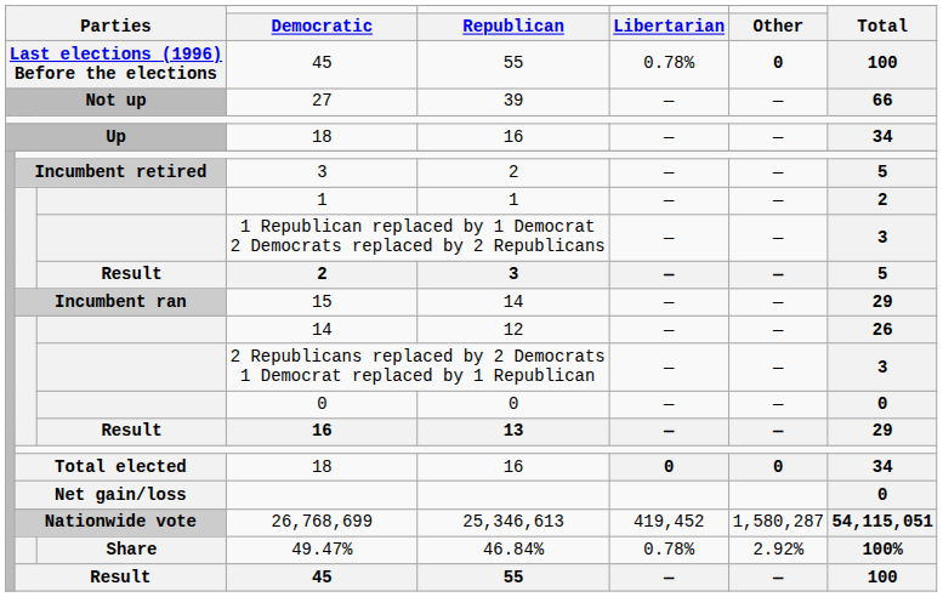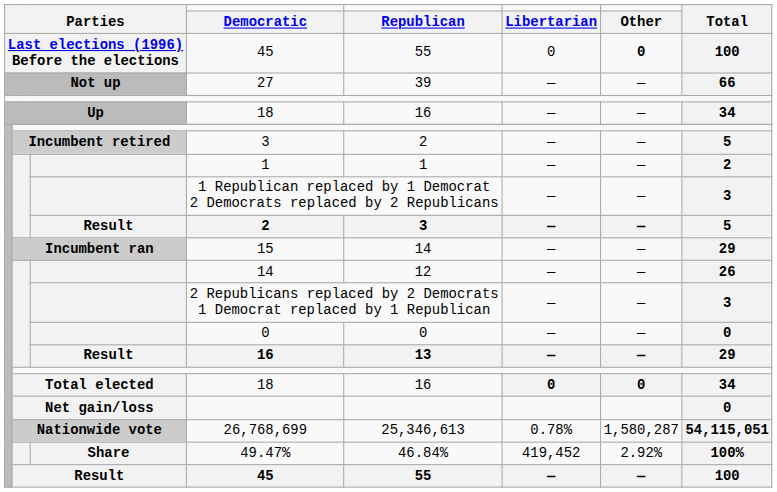 <table class=wikitable style=text-align:center>
 <tr valign=bottom>
 <th rowspan=2 colspan=3>Parties</th>
 <td style="background-color:"></td>
 <td style="background-color:"></td>
 <td style="background-color:"></td>
 <td style="background-color:"></td>
 <th rowspan=2>Total</th>
 </tr>
 <tr valign=bottom>
 <th><a href='#'>Democratic</a></th>
 <th><a href='#'>Republican</a></th>
 <th><a href='#'>Libertarian</a></th>
 <th>Other</th>
 </tr>
 <tr>
 <th colspan=3><a href='#'>Last elections (1996)</a><br>Before the elections</th>
 <td>45</td>
 <td>55</td>
-<td>0.78%</td>
+<td>0</td>
 <td><strong>0</strong></td>
 <th>100</th>
 </tr>
 <tr>
 <th colspan=3 style="background:#bbb">Not up</th>
 <td>27</td>
 <td>39</td>
 <td>—</td>
 <td>—</td>
 <th>66</th>
 </tr>
 <tr>
 <td colspan=100></td>
 </tr>
 <tr>
 <th colspan=3 style="background:#bbb">Up<br></th>
 <td>18</td>
 <td>16</td>
 <td>—</td>
 <td>—</td>
 <th>34</th>
 </tr>
 <tr>
 <th rowspan=18 style="background:#bbb"></th>
 </tr>
 <tr>
 <td colspan=100></td>
 </tr>
 <tr>
 <th colspan=2 style="background:#ccc">Incumbent retired</th>
 <td>3</td>
 <td>2</td>
 <td>—</td>
 <td>—</td>
 <th>5</th>
 </tr>
 <tr>
 <th rowspan=3></th>
 <th></th>
 <td>1</td>
 <td>1</td>
 <td>—</td>
 <td>—</td>
 <th>2</th>
 </tr>
 <tr>
 <th></th>
 <td colspan=2 >1 Republican replaced by 1 Democrat<br>2 Democrats replaced by 2 Republicans</td>
 <td>—</td>
 <td>—</td>
 <th>3</th>
 </tr>
 <tr>
 <th>Result</th>
 <th>2</th>
 <th>3</th>
 <th>—</th>
 <th>—</th>
 <th>5</th>
 </tr>
 <tr>
 <th colspan=2 style="background:#ccc">Incumbent ran</th>
 <td>15</td>
 <td>14</td>
 <td>—</td>
 <td>—</td>
 <th>29</th>
 </tr>
 <tr>
 <th rowspan=4></th>
 <th></th>
 <td>14</td>
 <td>12</td>
 <td>—</td>
 <td>—</td>
 <th>26</th>
 </tr>
 <tr>
 <th></th>
 <td colspan=2 >2 Republicans replaced by 2 Democrats<br>1 Democrat replaced by 1 Republican</td>
 <td>—</td>
 <td>—</td>
 <th>3</th>
 </tr>
 <tr>
 <th></th>
 <td>0</td>
 <td>0</td>
 <td>—</td>
 <td>—</td>
 <th>0</th>
 </tr>
 <tr>
 <th>Result</th>
 <th>16</th>
 <th>13</th>
 <th>—</th>
 <th>—</th>
 <th>29</th>
 </tr>
 <tr>
 <td colspan=100></td>
 </tr>
 <tr>
 <th colspan=2>Total elected</th>
 <td>18</td>
 <td>16</td>
 <th>0</th>
 <th>0</th>
 <th>34</th>
 </tr>
 <tr>
 <th colspan=2>Net gain/loss</th>
 <td></td>
 <td></td>
 <td></td>
 <td></td>
 <th>0</th>
 </tr>
 <tr>
 <th colspan=2 style="background:#ccc">Nationwide vote</th>
 <td>26,768,699</td>
 <td>25,346,613</td>
-<td>419,452</td>
+<td>0.78%</td>
 <td>1,580,287</td>
 <th>54,115,051</th>
 </tr>
 <tr>
 <th></th>
 <th>Share</th>
 <td>49.47%</td>
 <td>46.84%</td>
-<td>0.78%</td>
+<td>419,452</td>
 <td>2.92%</td>
 <th>100%</th>
 </tr>
 <tr>
 <th colspan=2>Result</th>
 <th>45</th>
 <th>55</th>
 <th>—</th>
 <th>—</th>
 <th>100</th>
 </tr>
 </table>
